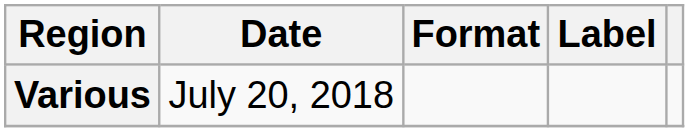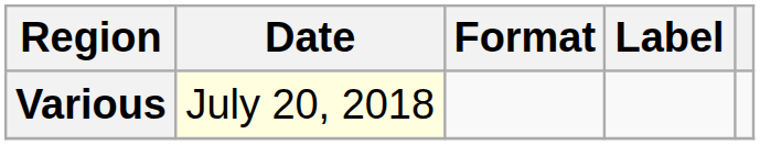 <table class="wikitable plainrowheaders">
 <tr>
 <th scope="col">Region</th>
 <th scope="col">Date</th>
 <th scope="col">Format</th>
 <th scope="col">Label</th>
 <th scope="col"></th>
 </tr>
 <tr>
 <th scope="row">Various</th>
-<td>July 20, 2018</td>
+<td style="background: lightyellow;">July 20, 2018</td>
 <td></td>
 <td></td>
 <td></td>
 </tr>
 <tr>
 </tr>
 </table>
